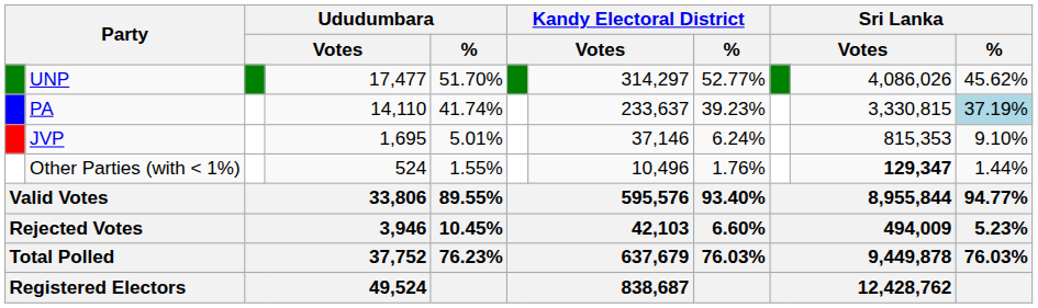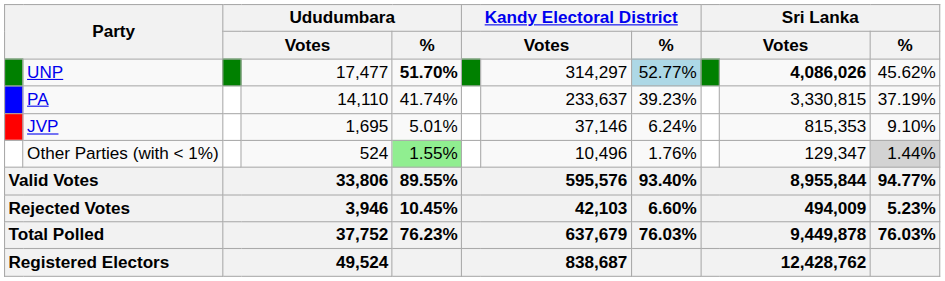 <table class="wikitable">
 <tr>
 <th colspan="2" width="144px"rowspan="2">Party</th>
 <th colspan="3" width="216px">Ududumbara</th>
 <th colspan="3" width="216px"><a href='#'>Kandy Electoral District</a></th>
 <th colspan="3" width="216px">Sri Lanka</th>
 </tr>
 <tr>
 <th colspan="2" width="144px">Votes</th>
 <th>%</th>
 <th colspan="2" width="144px">Votes</th>
 <th>%</th>
 <th colspan="2" width="144px">Votes</th>
 <th>%</th>
 </tr>
 <tr>
 <td style="background-color:green;" width="10px"></td>
 <td style="text-align:left;"><a href='#'>UNP</a></td>
 <td style="background-color:green;" width="10px"></td>
 <td style="text-align:right;">17,477</td>
-<td style="text-align:right;">51.70%</td>
+<td style="text-align:right;"><strong>51.70%</strong></td>
 <td style="background-color:green;" width="10px"></td>
 <td style="text-align:right;">314,297</td>
-<td style="text-align:right;">52.77%</td>
+<td style="background: lightblue; text-align:right;">52.77%</td>
 <td style="background-color:green;" width="10px"></td>
-<td style="text-align:right;">4,086,026</td>
+<td style="text-align:right;"><strong>4,086,026</strong></td>
 <td style="text-align:right;">45.62%</td>
 </tr>
 <tr>
 <td style="background-color:blue;" width="10px"></td>
 <td style="text-align:left;"><a href='#'>PA</a></td>
 <td style="background-color:white;" width="10px"></td>
 <td style="text-align:right;">14,110</td>
 <td style="text-align:right;">41.74%</td>
 <td style="background-color:white;" width="10px"></td>
 <td style="text-align:right;">233,637</td>
 <td style="text-align:right;">39.23%</td>
 <td style="background-color:white;" width="10px"></td>
 <td style="text-align:right;">3,330,815</td>
-<td style="background: lightblue; text-align:right;">37.19%</td>
+<td style="text-align:right;">37.19%</td>
 </tr>
 <tr>
 <td style="background-color:red;" width="10px"></td>
 <td style="text-align:left;"><a href='#'>JVP</a></td>
 <td style="background-color:white;" width="10px"></td>
 <td style="text-align:right;">1,695</td>
 <td style="text-align:right;">5.01%</td>
 <td style="background-color:white;" width="10px"></td>
 <td style="text-align:right;">37,146</td>
 <td style="text-align:right;">6.24%</td>
 <td style="background-color:white;" width="10px"></td>
 <td style="text-align:right;">815,353</td>
 <td style="text-align:right;">9.10%</td>
 </tr>
 <tr>
 <td style="background-color:white;" width="10px"></td>
 <td style="text-align:left;">Other Parties (with < 1%)</td>
 <td style="background-color:white;" width="10px"></td>
 <td style="text-align:right;">524</td>
-<td style="text-align:right;">1.55%</td>
+<td style="background: lightgreen; text-align:right;">1.55%</td>
 <td style="background-color:white;" width="10px"></td>
 <td style="text-align:right;">10,496</td>
 <td style="text-align:right;">1.76%</td>
 <td style="background-color:white;" width="10px"></td>
-<td style="text-align:right;"><strong>129,347</strong></td>
-<td style="text-align:right;">1.44%</td>
+<td style="text-align:right;">129,347</td>
+<td style="background: lightgrey; text-align:right;">1.44%</td>
 </tr>
 <tr>
 <th colspan="2" width="144px"style="text-align:left;">Valid Votes</th>
 <th style="text-align:right;"colspan="2" width="144px">33,806</th>
 <th style="text-align:right;">89.55%</th>
 <th style="text-align:right;"colspan="2" width="144px">595,576</th>
 <th style="text-align:right;">93.40%</th>
 <th style="text-align:right;"colspan="2" width="144px">8,955,844</th>
 <th style="text-align:right;">94.77%</th>
 </tr>
 <tr>
 <th colspan="2" width="144px"style="text-align:left;">Rejected Votes</th>
 <th style="text-align:right;"colspan="2" width="144px">3,946</th>
 <th style="text-align:right;">10.45%</th>
 <th style="text-align:right;"colspan="2" width="144px">42,103</th>
 <th style="text-align:right;">6.60%</th>
 <th style="text-align:right;"colspan="2" width="144px">494,009</th>
 <th style="text-align:right;">5.23%</th>
 </tr>
 <tr>
 <th colspan="2" width="144px"style="text-align:left;">Total Polled</th>
 <th style="text-align:right;"colspan="2" width="144px">37,752</th>
 <th style="text-align:right;">76.23%</th>
 <th style="text-align:right;"colspan="2" width="144px">637,679</th>
 <th style="text-align:right;">76.03%</th>
 <th style="text-align:right;"colspan="2" width="144px">9,449,878</th>
 <th style="text-align:right;">76.03%</th>
 </tr>
 <tr>
 <th colspan="2" width="144px"style="text-align:left;">Registered Electors</th>
 <th style="text-align:right;"colspan="2" width="144px">49,524</th>
 <th></th>
 <th style="text-align:right;"colspan="2" width="144px">838,687</th>
 <th></th>
 <th style="text-align:right;"colspan="2" width="144px">12,428,762</th>
 <th></th>
 </tr>
 </table>
